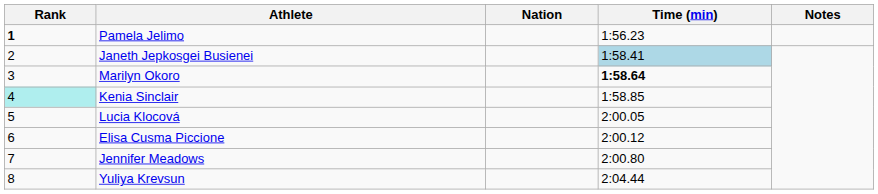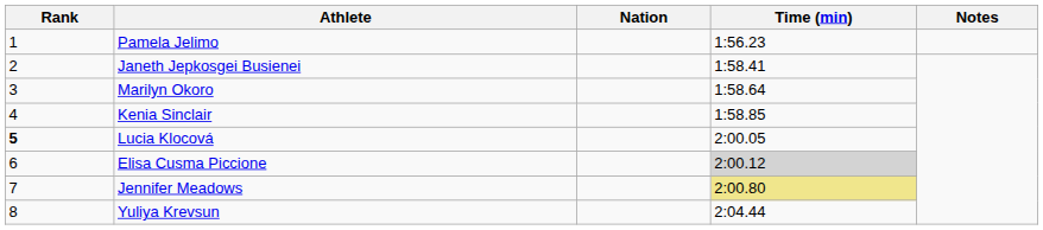 <table class="wikitable" style="text=align:center;" width=85%>
 <tr>
 <th>Rank</th>
 <th>Athlete</th>
 <th>Nation</th>
 <th>Time (<a href='#'>min</a>)</th>
 <th>Notes</th>
 </tr>
 <tr>
-<td><strong>1</strong></td>
+<td>1</td>
 <td><a href='#'>Pamela Jelimo</a></td>
 <td></td>
 <td>1:56.23</td>
 <td></td>
 </tr>
 <tr>
 <td>2</td>
 <td><a href='#'>Janeth Jepkosgei Busienei</a></td>
 <td></td>
-<td style="background: lightblue;">1:58.41</td>
+<td>1:58.41</td>
 </tr>
 <tr>
 <td>3</td>
 <td><a href='#'>Marilyn Okoro</a></td>
 <td></td>
-<td><strong>1:58.64</strong></td>
+<td>1:58.64</td>
 </tr>
 <tr>
-<td style="background: paleturquoise;">4</td>
+<td>4</td>
 <td><a href='#'>Kenia Sinclair</a></td>
 <td></td>
 <td>1:58.85</td>
 </tr>
 <tr>
-<td>5</td>
+<td><strong>5</strong></td>
 <td><a href='#'>Lucia Klocová</a></td>
 <td></td>
 <td>2:00.05</td>
 </tr>
 <tr>
 <td>6</td>
 <td><a href='#'>Elisa Cusma Piccione</a></td>
 <td></td>
-<td>2:00.12</td>
+<td style="background: lightgrey;">2:00.12</td>
 </tr>
 <tr>
 <td>7</td>
 <td><a href='#'>Jennifer Meadows</a></td>
 <td></td>
-<td>2:00.80</td>
+<td style="background: khaki;">2:00.80</td>
 </tr>
 <tr>
 <td>8</td>
 <td><a href='#'>Yuliya Krevsun</a></td>
 <td></td>
 <td>2:04.44</td>
 </tr>
 </table>
